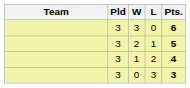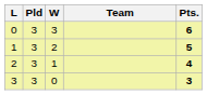 <table class=wikitable style="text-align:center">
 <tr>
-<th width=160>Team</th>
+<th width=20>L</th>
 <th width=20>Pld</th>
 <th width=20>W</th>
-<th width=20>L</th>
+<th width=160>Team</th>
 <th width=30>Pts.</th>
 </tr>
 <tr bgcolor=f2f5a9>
+<td>0</td>
+<td>3</td>
+<td>3</td>
 <td align=left></td>
+<td><strong>6</strong></td>
+</tr>
+<tr bgcolor=f2f5a9>
+<td>1</td>
+<td>3</td>
+<td>2</td>
+<td align=left></td>
+<td><strong>5</strong></td>
+</tr>
+<tr bgcolor=f2f5a9>
+<td>2</td>
+<td>3</td>
+<td>1</td>
+<td align=left></td>
+<td><strong>4</strong></td>
+</tr>
+<tr bgcolor=f2f5a9>
 <td>3</td>
 <td>3</td>
 <td>0</td>
-<td><strong>6</strong></td>
-</tr>
-<tr bgcolor=f2f5a9>
 <td align=left></td>
-<td>3</td>
-<td>2</td>
-<td>1</td>
-<td><strong>5</strong></td>
-</tr>
-<tr bgcolor=f2f5a9>
-<td align=left></td>
-<td>3</td>
-<td>1</td>
-<td>2</td>
-<td><strong>4</strong></td>
-</tr>
-<tr bgcolor=f2f5a9>
-<td align=left></td>
-<td>3</td>
-<td>0</td>
-<td>3</td>
 <td><strong>3</strong></td>
 </tr>
 </table>
